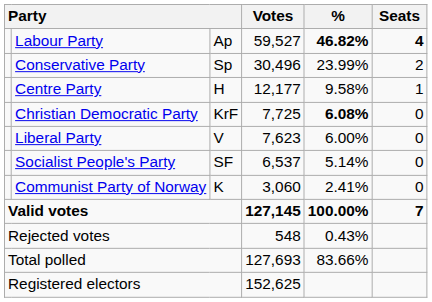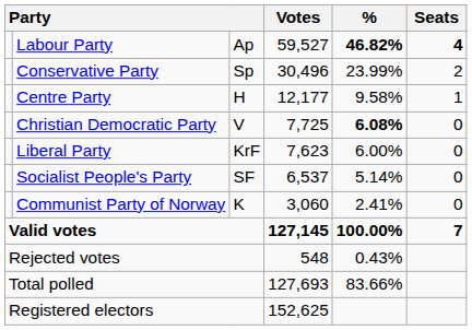 <table class="wikitable" border="1" style="text-align:right;">
 <tr>
 <th style="text-align:left;" colspan=3>Party</th>
 <th align=center width="50">Votes</th>
 <th align=center width="50">%</th>
 <th align=center width="50">Seats</th>
 </tr>
 <tr>
 <td style="color:inherit;background:"></td>
 <td align=left><a href='#'>Labour Party</a></td>
 <td align=left>Ap</td>
 <td>59,527</td>
 <td><strong>46.82%</strong></td>
 <td><strong>4</strong></td>
 </tr>
 <tr>
 <td style="color:inherit;background:"></td>
 <td align=left><a href='#'>Conservative Party</a></td>
 <td align=left>Sp</td>
 <td>30,496</td>
 <td>23.99%</td>
 <td>2</td>
 </tr>
 <tr>
 <td style="color:inherit;background:"></td>
 <td align=left><a href='#'>Centre Party</a></td>
 <td align=left>H</td>
 <td>12,177</td>
 <td>9.58%</td>
 <td>1</td>
 </tr>
 <tr>
 <td style="color:inherit;background:"></td>
 <td align=left><a href='#'>Christian Democratic Party</a></td>
-<td align=left>KrF</td>
+<td align=left>V</td>
 <td>7,725</td>
 <td><strong>6.08%</strong></td>
 <td>0</td>
 </tr>
 <tr>
 <td style="color:inherit;background:"></td>
 <td align=left><a href='#'>Liberal Party</a></td>
-<td align=left>V</td>
+<td align=left>KrF</td>
 <td>7,623</td>
 <td>6.00%</td>
 <td>0</td>
 </tr>
 <tr>
 <td style="color:inherit;background:"></td>
 <td align=left><a href='#'>Socialist People's Party</a></td>
 <td align=left>SF</td>
 <td>6,537</td>
 <td>5.14%</td>
 <td>0</td>
 </tr>
 <tr>
 <td style="color:inherit;background:"></td>
 <td align=left><a href='#'>Communist Party of Norway</a></td>
 <td align=left>K</td>
 <td>3,060</td>
 <td>2.41%</td>
 <td>0</td>
 </tr>
 <tr style="font-weight:bold">
 <td align=left colspan=3>Valid votes</td>
 <td>127,145</td>
 <td>100.00%</td>
 <td>7</td>
 </tr>
 <tr>
 <td align=left colspan=3>Rejected votes</td>
 <td>548</td>
 <td>0.43%</td>
 <td></td>
 </tr>
 <tr>
 <td align=left colspan=3>Total polled</td>
 <td>127,693</td>
 <td>83.66%</td>
 <td></td>
 </tr>
 <tr>
 <td align=left colspan=3>Registered electors</td>
 <td>152,625</td>
 <td></td>
 <td></td>
 </tr>
 </table>
